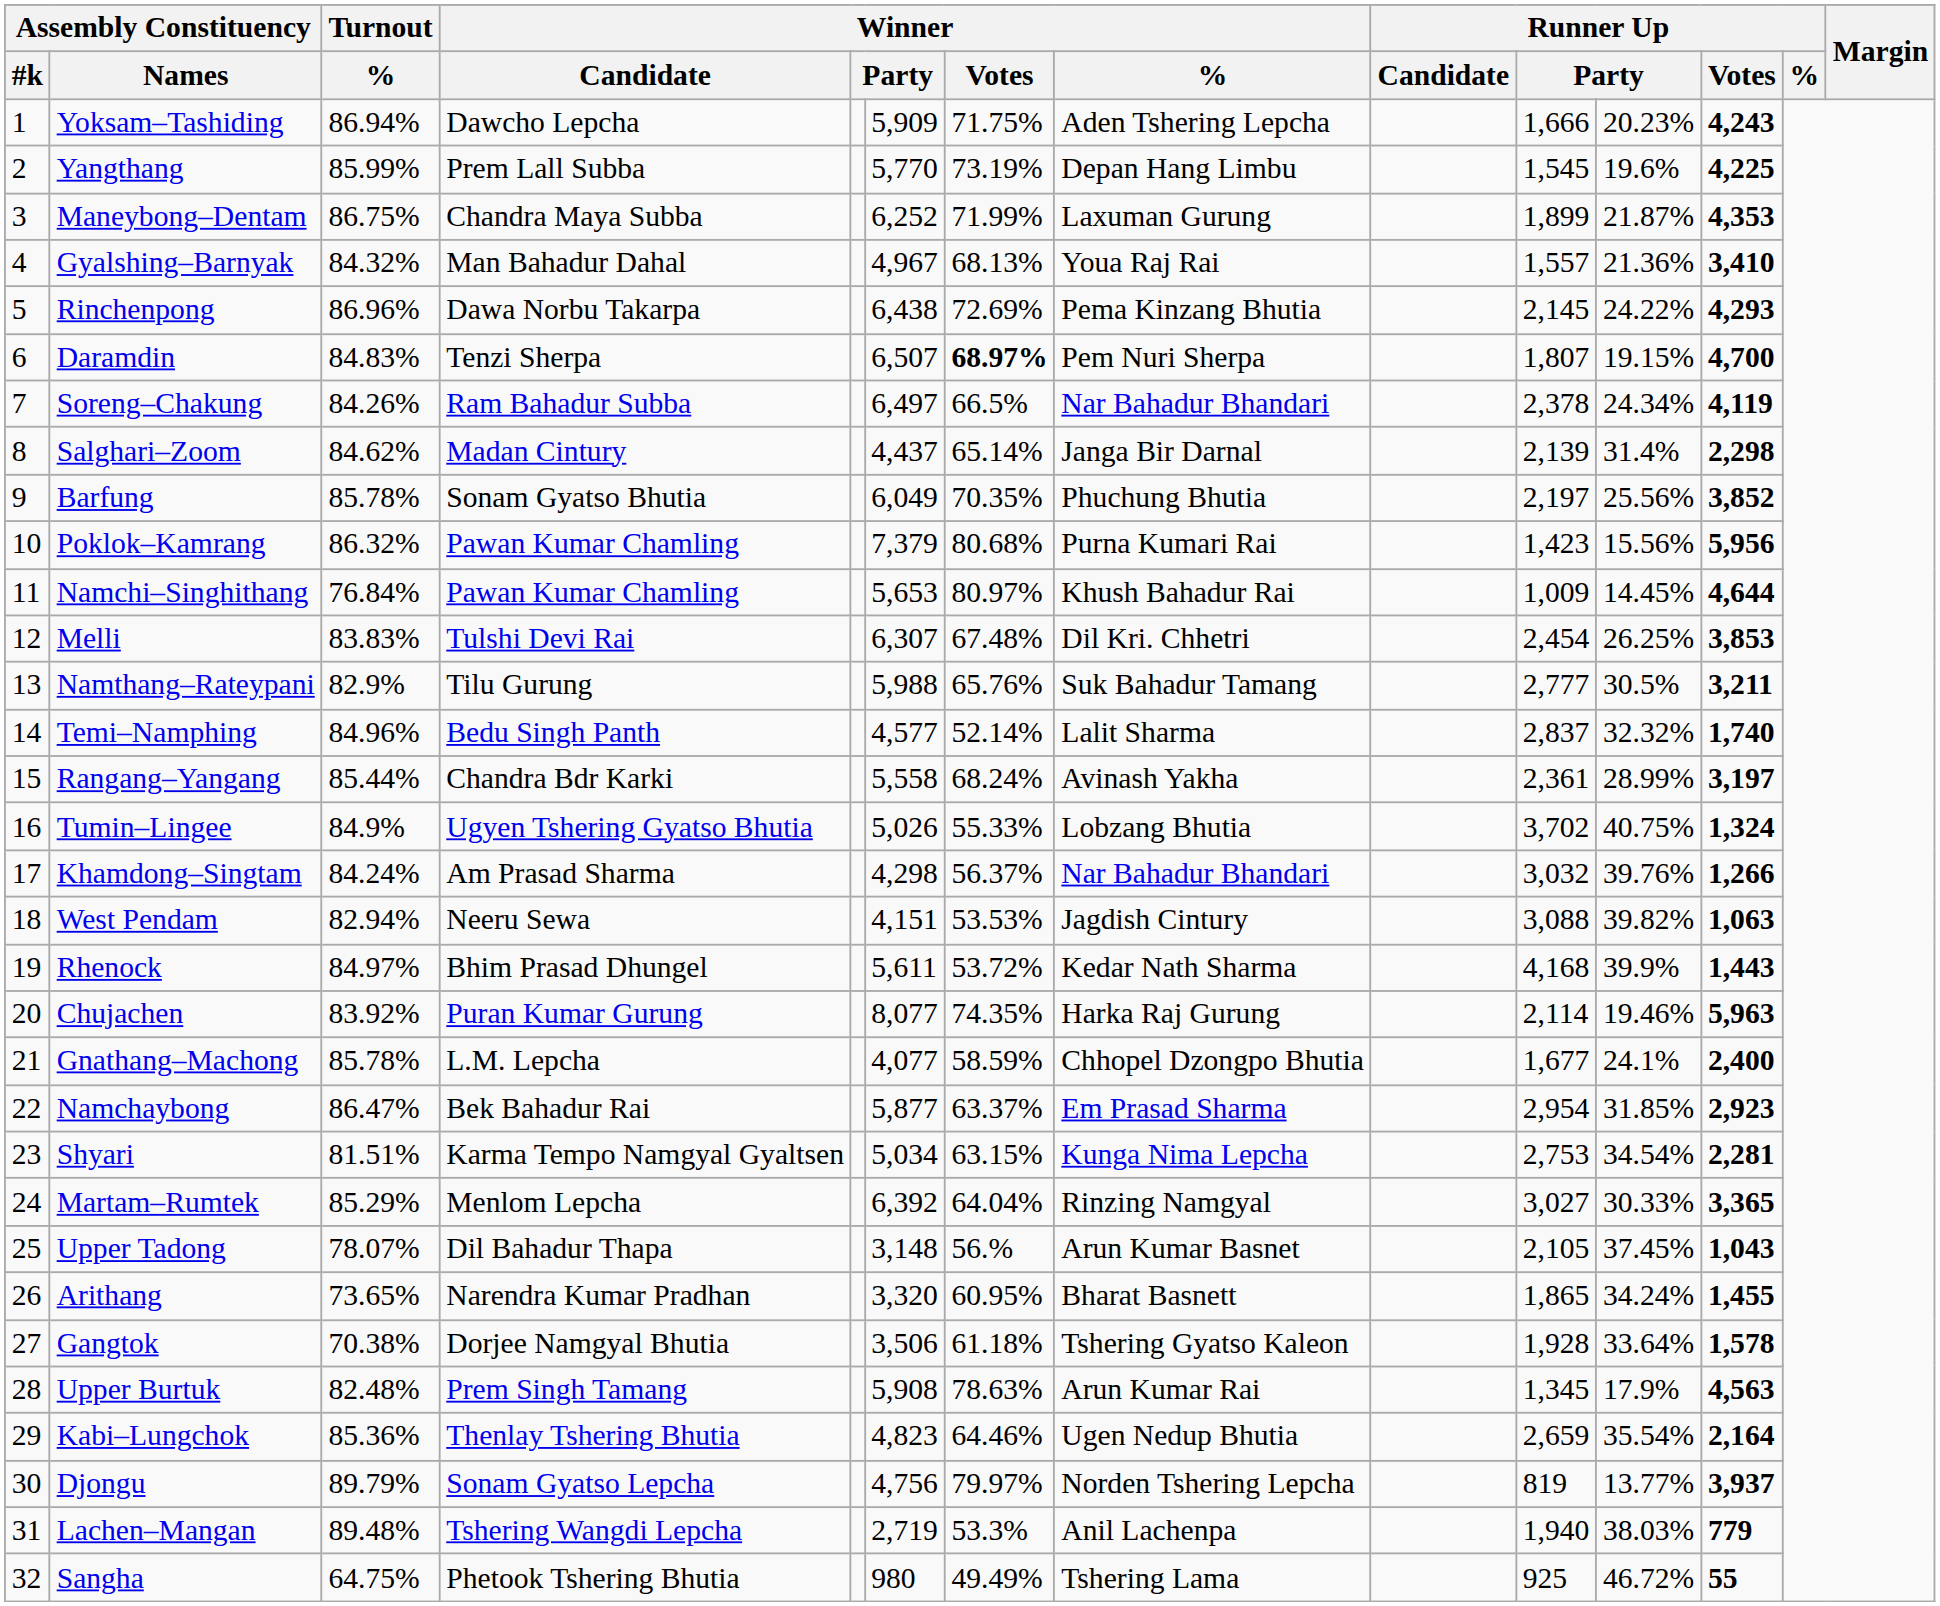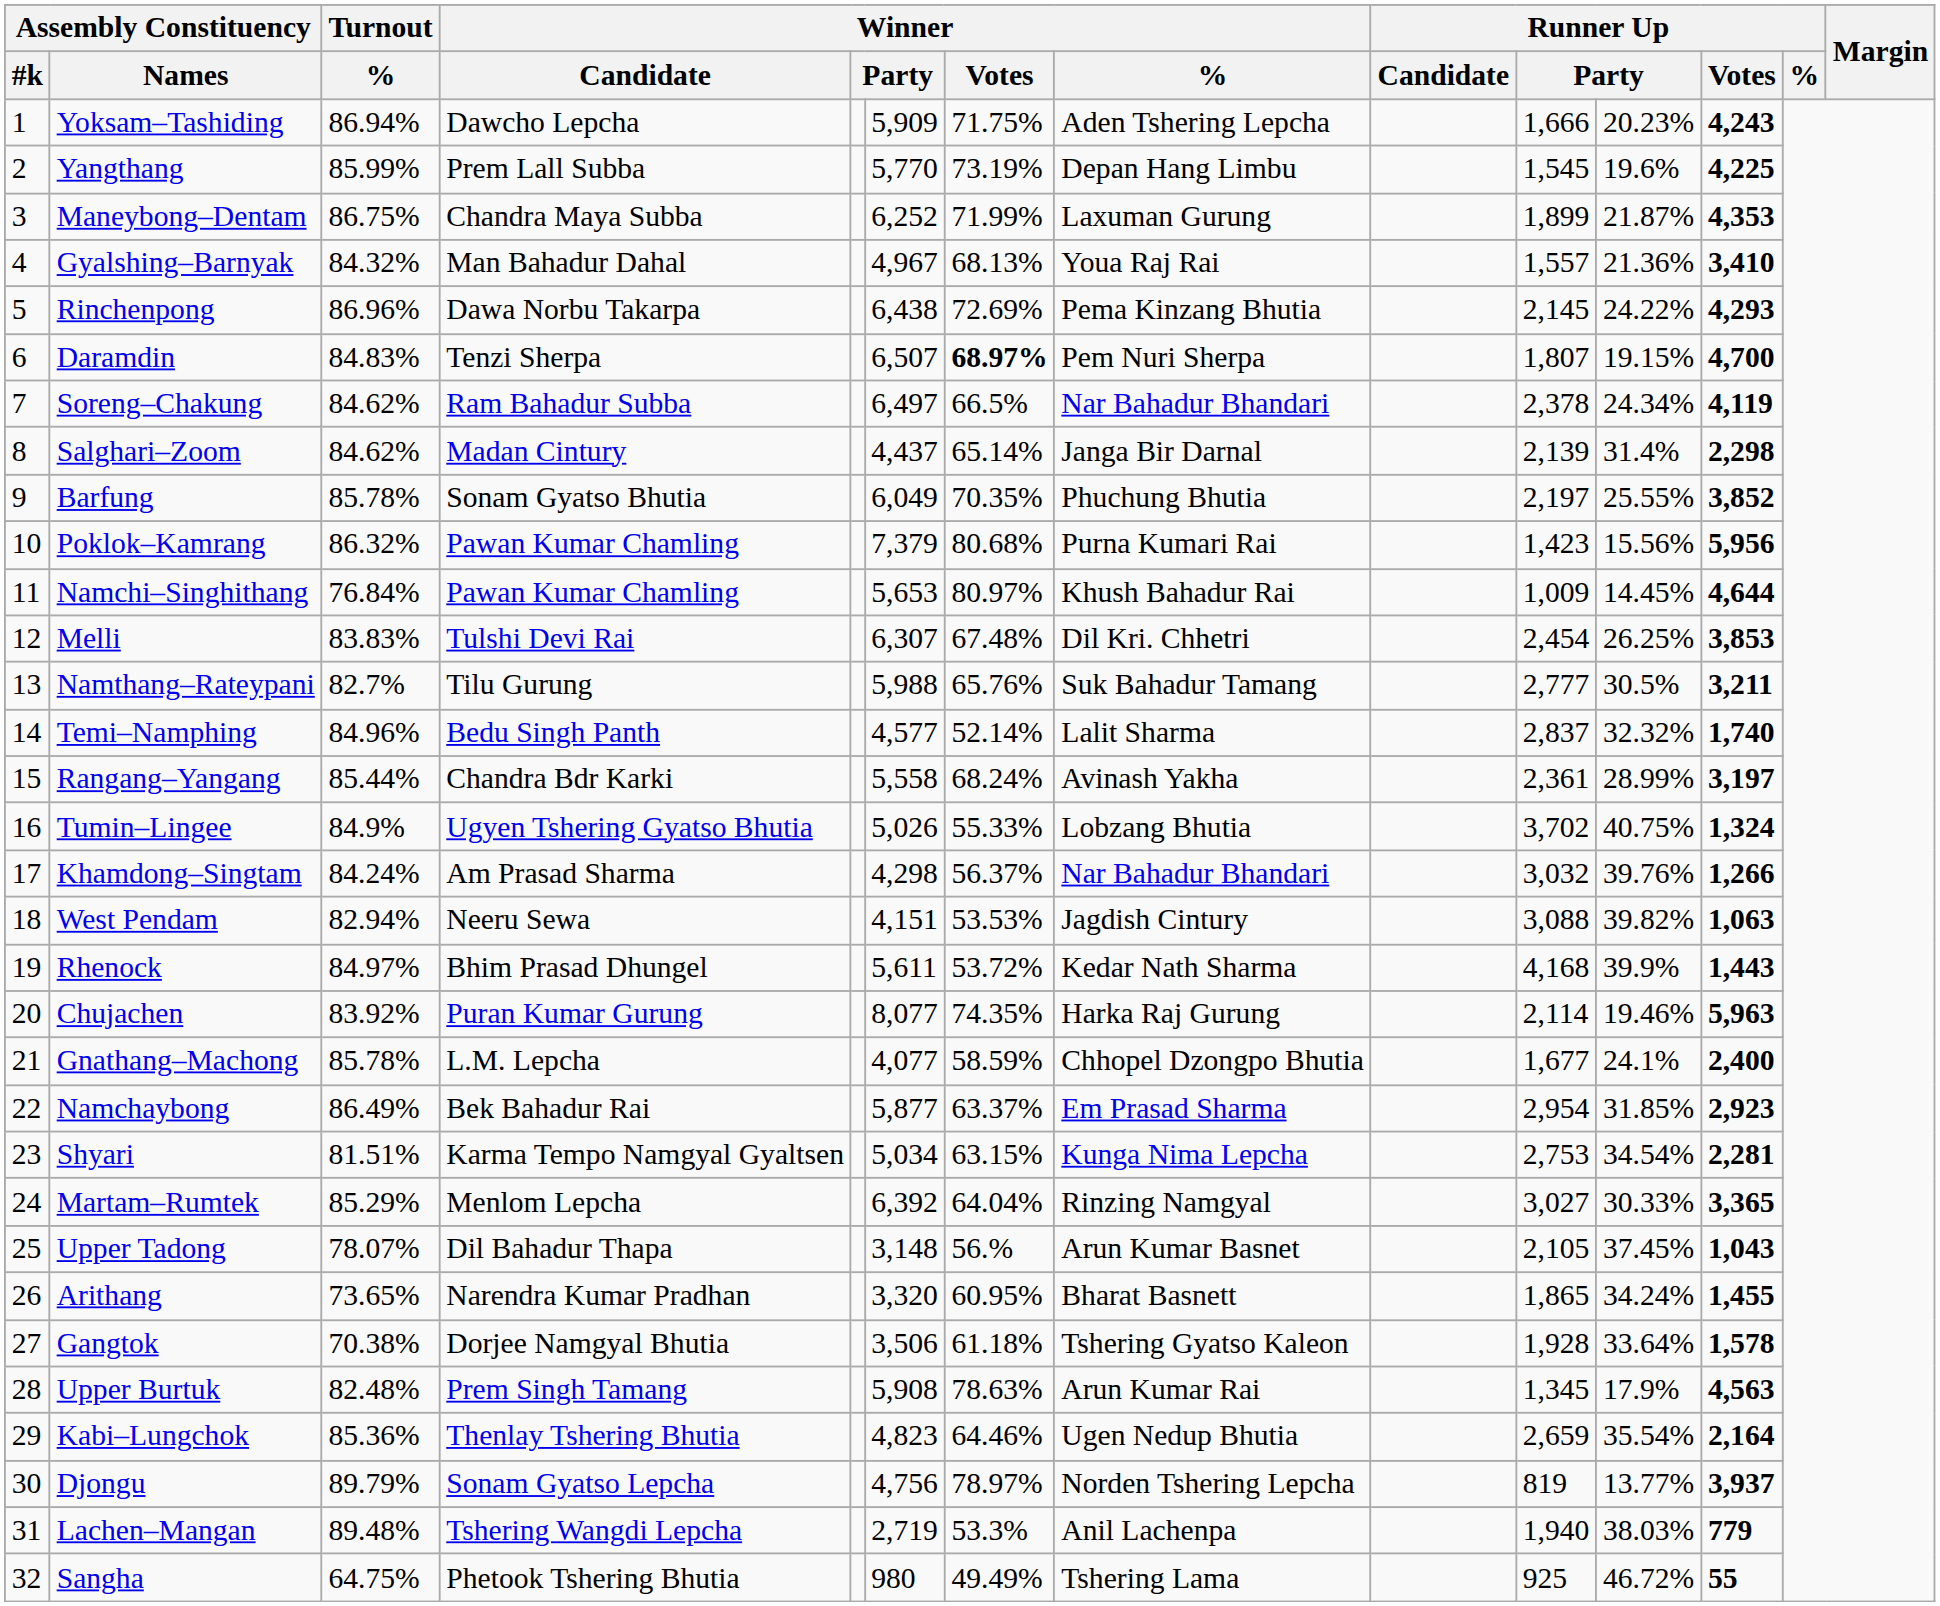 <table class="wikitable sortable">
 <tr>
 <th colspan="2">Assembly Constituency</th>
 <th>Turnout</th>
 <th colspan="5">Winner</th>
 <th colspan="5">Runner Up</th>
 <th rowspan="2" data-sort-type=number>Margin</th>
 </tr>
 <tr>
 <th>#k</th>
 <th>Names</th>
 <th>%</th>
 <th>Candidate</th>
 <th colspan="2">Party</th>
 <th data-sort-type=number>Votes</th>
 <th>%</th>
 <th>Candidate</th>
 <th colspan="2">Party</th>
 <th data-sort-type=number>Votes</th>
 <th>%</th>
 </tr>
 <tr>
 <td>1</td>
 <td><a href='#'>Yoksam–Tashiding</a></td>
 <td>86.94%</td>
 <td>Dawcho Lepcha</td>
 <td></td>
 <td>5,909</td>
 <td>71.75%</td>
 <td>Aden Tshering Lepcha</td>
 <td></td>
 <td>1,666</td>
 <td>20.23%</td>
 <td style="background:"><span><strong>4,243</strong></span></td>
 </tr>
 <tr>
 <td>2</td>
 <td><a href='#'>Yangthang</a></td>
 <td>85.99%</td>
 <td>Prem Lall Subba</td>
 <td></td>
 <td>5,770</td>
 <td>73.19%</td>
 <td>Depan Hang Limbu</td>
 <td></td>
 <td>1,545</td>
 <td>19.6%</td>
 <td style="background:"><span><strong>4,225</strong></span></td>
 </tr>
 <tr>
 <td>3</td>
 <td><a href='#'>Maneybong–Dentam</a></td>
 <td>86.75%</td>
 <td>Chandra Maya Subba</td>
 <td></td>
 <td>6,252</td>
 <td>71.99%</td>
 <td>Laxuman Gurung</td>
 <td></td>
 <td>1,899</td>
 <td>21.87%</td>
 <td style="background:"><span><strong>4,353</strong></span></td>
 </tr>
 <tr>
 <td>4</td>
 <td><a href='#'>Gyalshing–Barnyak</a></td>
 <td>84.32%</td>
 <td>Man Bahadur Dahal</td>
 <td></td>
 <td>4,967</td>
 <td>68.13%</td>
 <td>Youa Raj Rai</td>
 <td></td>
 <td>1,557</td>
 <td>21.36%</td>
 <td style="background:"><span><strong>3,410</strong></span></td>
 </tr>
 <tr>
 <td>5</td>
 <td><a href='#'>Rinchenpong</a></td>
 <td>86.96%</td>
 <td>Dawa Norbu Takarpa</td>
 <td></td>
 <td>6,438</td>
 <td>72.69%</td>
 <td>Pema Kinzang Bhutia</td>
 <td></td>
 <td>2,145</td>
 <td>24.22%</td>
 <td style="background:"><span><strong>4,293</strong></span></td>
 </tr>
 <tr>
 <td>6</td>
 <td><a href='#'>Daramdin</a></td>
 <td>84.83%</td>
 <td>Tenzi Sherpa</td>
 <td></td>
 <td>6,507</td>
 <td><strong>68.97%</strong></td>
 <td>Pem Nuri Sherpa</td>
 <td></td>
 <td>1,807</td>
 <td>19.15%</td>
 <td style="background:"><span><strong>4,700</strong></span></td>
 </tr>
 <tr>
 <td>7</td>
 <td><a href='#'>Soreng–Chakung</a></td>
-<td>84.26%</td>
+<td>84.62%</td>
 <td><a href='#'>Ram Bahadur Subba</a></td>
 <td></td>
 <td>6,497</td>
 <td>66.5%</td>
 <td><a href='#'>Nar Bahadur Bhandari</a></td>
 <td></td>
 <td>2,378</td>
 <td>24.34%</td>
 <td style="background:"><span><strong>4,119</strong></span></td>
 </tr>
 <tr>
 <td>8</td>
 <td><a href='#'>Salghari–Zoom</a></td>
 <td>84.62%</td>
 <td><a href='#'>Madan Cintury</a></td>
 <td></td>
 <td>4,437</td>
 <td>65.14%</td>
 <td>Janga Bir Darnal</td>
 <td></td>
 <td>2,139</td>
 <td>31.4%</td>
 <td style="background:"><span><strong>2,298</strong></span></td>
 </tr>
 <tr>
 <td>9</td>
 <td><a href='#'>Barfung</a></td>
 <td>85.78%</td>
 <td>Sonam Gyatso Bhutia</td>
 <td></td>
 <td>6,049</td>
 <td>70.35%</td>
 <td>Phuchung Bhutia</td>
 <td></td>
 <td>2,197</td>
-<td>25.56%</td>
+<td>25.55%</td>
 <td style="background:"><span><strong>3,852</strong></span></td>
 </tr>
 <tr>
 <td>10</td>
 <td><a href='#'>Poklok–Kamrang</a></td>
 <td>86.32%</td>
 <td><a href='#'>Pawan Kumar Chamling</a></td>
 <td></td>
 <td>7,379</td>
 <td>80.68%</td>
 <td>Purna Kumari Rai</td>
 <td></td>
 <td>1,423</td>
 <td>15.56%</td>
 <td style="background:"><span><strong>5,956</strong></span></td>
 </tr>
 <tr>
 <td>11</td>
 <td><a href='#'>Namchi–Singhithang</a></td>
 <td>76.84%</td>
 <td><a href='#'>Pawan Kumar Chamling</a></td>
 <td></td>
 <td>5,653</td>
 <td>80.97%</td>
 <td>Khush Bahadur Rai</td>
 <td></td>
 <td>1,009</td>
 <td>14.45%</td>
 <td style="background:"><span><strong>4,644</strong></span></td>
 </tr>
 <tr>
 <td>12</td>
 <td><a href='#'>Melli</a></td>
 <td>83.83%</td>
 <td><a href='#'>Tulshi Devi Rai</a></td>
 <td></td>
 <td>6,307</td>
 <td>67.48%</td>
 <td>Dil Kri. Chhetri</td>
 <td></td>
 <td>2,454</td>
 <td>26.25%</td>
 <td style="background:"><span><strong>3,853</strong></span></td>
 </tr>
 <tr>
 <td>13</td>
 <td><a href='#'>Namthang–Rateypani</a></td>
-<td>82.9%</td>
+<td>82.7%</td>
 <td>Tilu Gurung</td>
 <td></td>
 <td>5,988</td>
 <td>65.76%</td>
 <td>Suk Bahadur Tamang</td>
 <td></td>
 <td>2,777</td>
 <td>30.5%</td>
 <td style="background:"><span><strong>3,211</strong></span></td>
 </tr>
 <tr>
 <td>14</td>
 <td><a href='#'>Temi–Namphing</a></td>
 <td>84.96%</td>
 <td><a href='#'>Bedu Singh Panth</a></td>
 <td></td>
 <td>4,577</td>
 <td>52.14%</td>
 <td>Lalit Sharma</td>
 <td></td>
 <td>2,837</td>
 <td>32.32%</td>
 <td style="background:"><span><strong>1,740</strong></span></td>
 </tr>
 <tr>
 <td>15</td>
 <td><a href='#'>Rangang–Yangang</a></td>
 <td>85.44%</td>
 <td>Chandra Bdr Karki</td>
 <td></td>
 <td>5,558</td>
 <td>68.24%</td>
 <td>Avinash Yakha</td>
 <td></td>
 <td>2,361</td>
 <td>28.99%</td>
 <td style="background:"><span><strong>3,197</strong></span></td>
 </tr>
 <tr>
 <td>16</td>
 <td><a href='#'>Tumin–Lingee</a></td>
 <td>84.9%</td>
 <td><a href='#'>Ugyen Tshering Gyatso Bhutia</a></td>
 <td></td>
 <td>5,026</td>
 <td>55.33%</td>
 <td>Lobzang Bhutia</td>
 <td></td>
 <td>3,702</td>
 <td>40.75%</td>
 <td style="background:"><span><strong>1,324</strong></span></td>
 </tr>
 <tr>
 <td>17</td>
 <td><a href='#'>Khamdong–Singtam</a></td>
 <td>84.24%</td>
 <td>Am Prasad Sharma</td>
 <td></td>
 <td>4,298</td>
 <td>56.37%</td>
 <td><a href='#'>Nar Bahadur Bhandari</a></td>
 <td></td>
 <td>3,032</td>
 <td>39.76%</td>
 <td style="background:"><span><strong>1,266</strong></span></td>
 </tr>
 <tr>
 <td>18</td>
 <td><a href='#'>West Pendam</a></td>
 <td>82.94%</td>
 <td>Neeru Sewa</td>
 <td></td>
 <td>4,151</td>
 <td>53.53%</td>
 <td>Jagdish Cintury</td>
 <td></td>
 <td>3,088</td>
 <td>39.82%</td>
 <td style="background:"><span><strong>1,063</strong></span></td>
 </tr>
 <tr>
 <td>19</td>
 <td><a href='#'>Rhenock</a></td>
 <td>84.97%</td>
 <td>Bhim Prasad Dhungel</td>
 <td></td>
 <td>5,611</td>
 <td>53.72%</td>
 <td>Kedar Nath Sharma</td>
 <td></td>
 <td>4,168</td>
 <td>39.9%</td>
 <td style="background:"><span><strong>1,443</strong></span></td>
 </tr>
 <tr>
 <td>20</td>
 <td><a href='#'>Chujachen</a></td>
 <td>83.92%</td>
 <td><a href='#'>Puran Kumar Gurung</a></td>
 <td></td>
 <td>8,077</td>
 <td>74.35%</td>
 <td>Harka Raj Gurung</td>
 <td></td>
 <td>2,114</td>
 <td>19.46%</td>
 <td style="background:"><span><strong>5,963</strong></span></td>
 </tr>
 <tr>
 <td>21</td>
 <td><a href='#'>Gnathang–Machong</a></td>
 <td>85.78%</td>
 <td>L.M. Lepcha</td>
 <td></td>
 <td>4,077</td>
 <td>58.59%</td>
 <td>Chhopel Dzongpo Bhutia</td>
 <td></td>
 <td>1,677</td>
 <td>24.1%</td>
 <td style="background:"><span><strong>2,400</strong></span></td>
 </tr>
 <tr>
 <td>22</td>
 <td><a href='#'>Namchaybong</a></td>
-<td>86.47%</td>
+<td>86.49%</td>
 <td>Bek Bahadur Rai</td>
 <td></td>
 <td>5,877</td>
 <td>63.37%</td>
 <td><a href='#'>Em Prasad Sharma</a></td>
 <td></td>
 <td>2,954</td>
 <td>31.85%</td>
 <td style="background:"><span><strong>2,923</strong></span></td>
 </tr>
 <tr>
 <td>23</td>
 <td><a href='#'>Shyari</a></td>
 <td>81.51%</td>
 <td>Karma Tempo Namgyal Gyaltsen</td>
 <td></td>
 <td>5,034</td>
 <td>63.15%</td>
 <td><a href='#'>Kunga Nima Lepcha</a></td>
 <td></td>
 <td>2,753</td>
 <td>34.54%</td>
 <td style="background:"><span><strong>2,281</strong></span></td>
 </tr>
 <tr>
 <td>24</td>
 <td><a href='#'>Martam–Rumtek</a></td>
 <td>85.29%</td>
 <td>Menlom Lepcha</td>
 <td></td>
 <td>6,392</td>
 <td>64.04%</td>
 <td>Rinzing Namgyal</td>
 <td></td>
 <td>3,027</td>
 <td>30.33%</td>
 <td style="background:"><span><strong>3,365</strong></span></td>
 </tr>
 <tr>
 <td>25</td>
 <td><a href='#'>Upper Tadong</a></td>
 <td>78.07%</td>
 <td>Dil Bahadur Thapa</td>
 <td></td>
 <td>3,148</td>
 <td>56.%</td>
 <td>Arun Kumar  Basnet</td>
 <td></td>
 <td>2,105</td>
 <td>37.45%</td>
 <td style="background:"><span><strong>1,043</strong></span></td>
 </tr>
 <tr>
 <td>26</td>
 <td><a href='#'>Arithang</a></td>
 <td>73.65%</td>
 <td>Narendra Kumar Pradhan</td>
 <td></td>
 <td>3,320</td>
 <td>60.95%</td>
 <td>Bharat Basnett</td>
 <td></td>
 <td>1,865</td>
 <td>34.24%</td>
 <td style="background:"><span><strong>1,455</strong></span></td>
 </tr>
 <tr>
 <td>27</td>
 <td><a href='#'>Gangtok</a></td>
 <td>70.38%</td>
 <td>Dorjee Namgyal Bhutia</td>
 <td></td>
 <td>3,506</td>
 <td>61.18%</td>
 <td>Tshering Gyatso Kaleon</td>
 <td></td>
 <td>1,928</td>
 <td>33.64%</td>
 <td style="background:"><span><strong>1,578</strong></span></td>
 </tr>
 <tr>
 <td>28</td>
 <td><a href='#'>Upper Burtuk</a></td>
 <td>82.48%</td>
 <td><a href='#'>Prem Singh Tamang</a></td>
 <td></td>
 <td>5,908</td>
 <td>78.63%</td>
 <td>Arun Kumar Rai</td>
 <td></td>
 <td>1,345</td>
 <td>17.9%</td>
 <td style="background:"><span><strong>4,563</strong></span></td>
 </tr>
 <tr>
 <td>29</td>
 <td><a href='#'>Kabi–Lungchok</a></td>
 <td>85.36%</td>
 <td><a href='#'>Thenlay Tshering Bhutia</a></td>
 <td></td>
 <td>4,823</td>
 <td>64.46%</td>
 <td>Ugen Nedup Bhutia</td>
 <td></td>
 <td>2,659</td>
 <td>35.54%</td>
 <td style="background:"><span><strong>2,164</strong></span></td>
 </tr>
 <tr>
 <td>30</td>
 <td><a href='#'>Djongu</a></td>
 <td>89.79%</td>
 <td><a href='#'>Sonam Gyatso Lepcha</a></td>
 <td></td>
 <td>4,756</td>
-<td>79.97%</td>
+<td>78.97%</td>
 <td>Norden Tshering Lepcha</td>
 <td></td>
 <td>819</td>
 <td>13.77%</td>
 <td style="background:"><span><strong>3,937</strong></span></td>
 </tr>
 <tr>
 <td>31</td>
 <td><a href='#'>Lachen–Mangan</a></td>
 <td>89.48%</td>
 <td><a href='#'>Tshering Wangdi Lepcha</a></td>
 <td></td>
 <td>2,719</td>
 <td>53.3%</td>
 <td>Anil Lachenpa</td>
 <td></td>
 <td>1,940</td>
 <td>38.03%</td>
 <td style="background:"><span><strong>779</strong></span></td>
 </tr>
 <tr>
 <td>32</td>
 <td><a href='#'>Sangha</a></td>
 <td>64.75%</td>
 <td>Phetook Tshering Bhutia</td>
 <td></td>
 <td>980</td>
 <td>49.49%</td>
 <td>Tshering Lama</td>
 <td></td>
 <td>925</td>
 <td>46.72%</td>
 <td style="background:"><span><strong>55</strong></span></td>
 </tr>
 </table>
